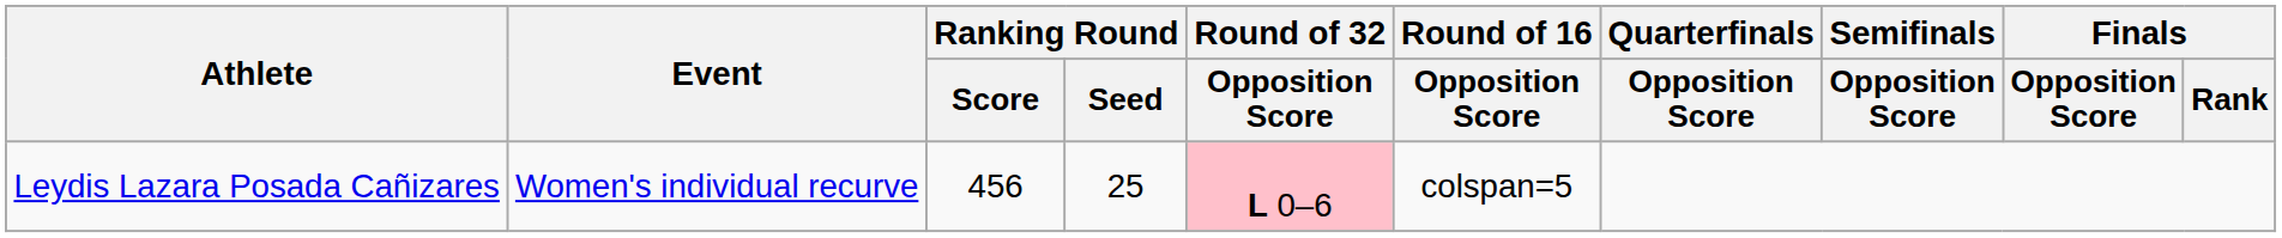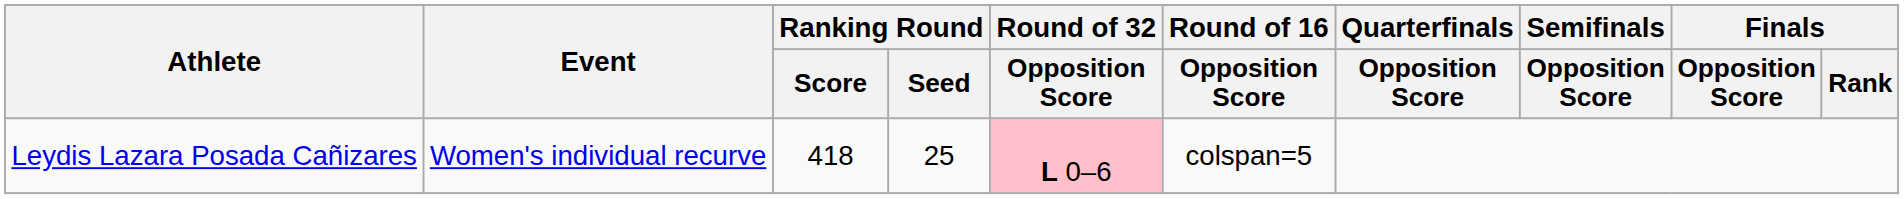 <table class="wikitable" style="text-align: center; font-size:90%">
 <tr>
 <th rowspan="2">Athlete</th>
 <th rowspan="2">Event</th>
 <th colspan="2">Ranking Round</th>
 <th>Round of 32</th>
 <th>Round of 16</th>
 <th>Quarterfinals</th>
 <th>Semifinals</th>
 <th colspan="2">Finals</th>
 </tr>
 <tr style="font-size:95%">
 <th>Score</th>
 <th>Seed</th>
 <th>Opposition<br>Score</th>
 <th>Opposition<br>Score</th>
 <th>Opposition<br>Score</th>
 <th>Opposition<br>Score</th>
 <th>Opposition<br>Score</th>
 <th>Rank</th>
 </tr>
 <tr>
 <td align=left><a href='#'>Leydis Lazara Posada Cañizares</a></td>
 <td align=left><a href='#'>Women's individual recurve</a></td>
-<td>456</td>
+<td>418</td>
 <td>25</td>
 <td style="background: pink;"><br><strong>L</strong> 0–6</td>
 <td>colspan=5 </td>
 </tr>
 </table>
